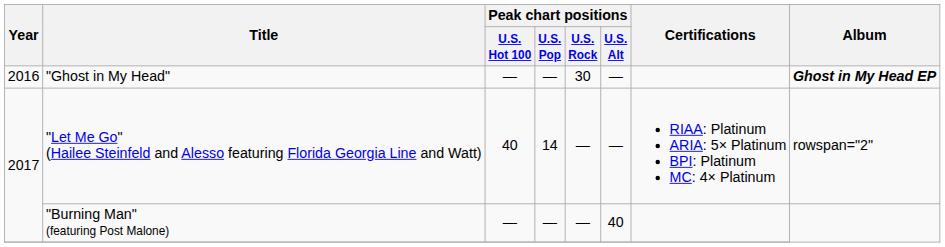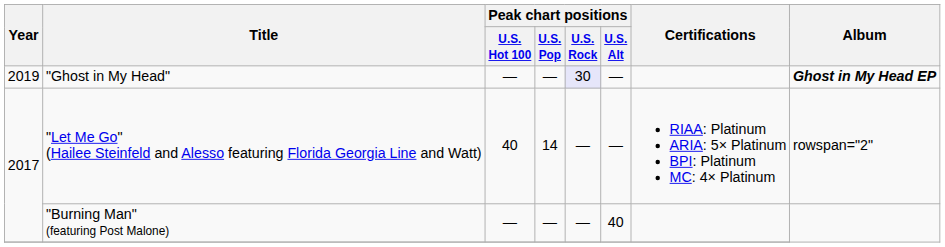 <table class="wikitable">
 <tr>
 <th rowspan="2">Year</th>
 <th rowspan="2">Title</th>
 <th colspan="4">Peak chart positions</th>
 <th rowspan="2">Certifications</th>
 <th rowspan="2">Album</th>
 </tr>
 <tr>
 <th><small><a href='#'>U.S.<br>Hot 100</a></small></th>
 <th><small><a href='#'>U.S.<br>Pop</a></small></th>
 <th><small><a href='#'>U.S. <br>Rock</a></small><br></th>
 <th><small><a href='#'>U.S.<br>Alt</a></small></th>
 </tr>
 <tr>
-<td>2016</td>
+<td>2019</td>
 <td>"Ghost in My Head"</td>
 <td align="center">—</td>
 <td align="center">—</td>
-<td align="center">30</td>
+<td align="center" style="background: lavender;">30</td>
 <td align="center">—</td>
 <td></td>
 <td><strong><em>Ghost in My Head EP</em></strong></td>
 </tr>
 <tr>
 <td rowspan="2">2017</td>
 <td>"<a href='#'>Let Me Go</a>"<br><span>(<a href='#'>Hailee Steinfeld</a> and <a href='#'>Alesso</a> featuring <a href='#'>Florida Georgia Line</a> and Watt)</span></td>
 <td align="center">40</td>
 <td align="center">14</td>
 <td align="center">—</td>
 <td align="center">—</td>
 <td><br><ul><li><a href='#'>RIAA</a>: Platinum</li><li><a href='#'>ARIA</a>: 5× Platinum</li><li><a href='#'>BPI</a>: Platinum</li><li><a href='#'>MC</a>: 4× Platinum</li></ul></td>
 <td>rowspan="2" </td>
 </tr>
 <tr>
 <td>"Burning Man"<br><small>(featuring Post Malone)</small></td>
 <td align="center">—</td>
 <td align="center">—</td>
 <td align="center">—</td>
 <td align="center">40</td>
 <td></td>
 </tr>
 <tr>
 </tr>
 </table>
